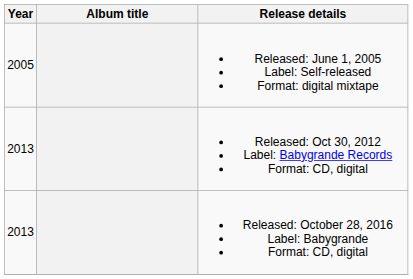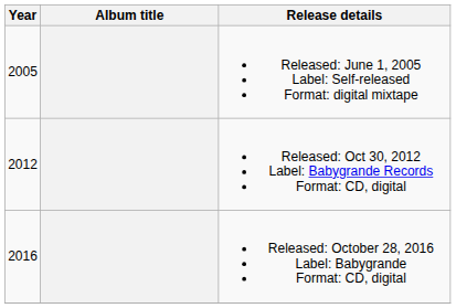 <table class="wikitable plainrowheaders" style="text-align:center;">
 <tr>
 <th>Year</th>
 <th scope="col" rowspan="1" style="width:13em;">Album title</th>
 <th scope="col" rowspan="1" style="width:17em;">Release details</th>
 </tr>
 <tr>
 <td>2005</td>
 <th></th>
 <td><br><ul><li>Released: June 1, 2005</li><li>Label: Self-released</li><li>Format: digital mixtape</li></ul></td>
 </tr>
 <tr>
-<td>2013</td>
+<td>2012</td>
 <th></th>
 <td><br><ul><li>Released: Oct 30, 2012</li><li>Label: <a href='#'>Babygrande Records</a></li><li>Format: CD, digital</li></ul></td>
 </tr>
 <tr>
-<td>2013</td>
+<td>2016</td>
 <th></th>
 <td><br><ul><li>Released: October 28, 2016</li><li>Label: Babygrande</li><li>Format: CD, digital</li></ul></td>
 </tr>
 <tr>
 </tr>
 </table>
